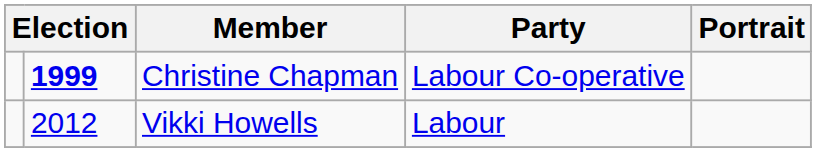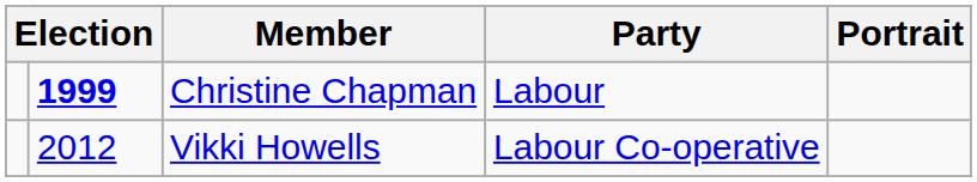 <table class="wikitable">
 <tr>
 <th colspan="2">Election</th>
 <th>Member</th>
 <th>Party</th>
 <th>Portrait</th>
 </tr>
 <tr>
 <td style="background-color: "></td>
 <td><strong><a href='#'>1999</a></strong></td>
 <td><a href='#'>Christine Chapman</a></td>
-<td><a href='#'>Labour Co-operative</a></td>
+<td><a href='#'>Labour</a></td>
 <td></td>
 </tr>
 <tr>
 <td style="background-color: "></td>
 <td><a href='#'>2012</a></td>
 <td><a href='#'>Vikki Howells</a></td>
-<td><a href='#'>Labour</a></td>
+<td><a href='#'>Labour Co-operative</a></td>
 <td></td>
 </tr>
 </table>
